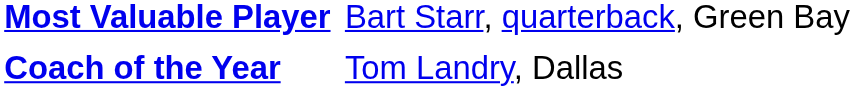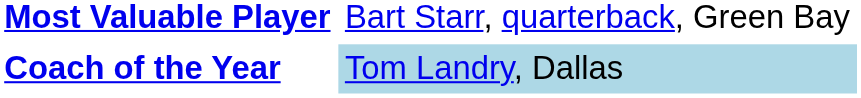 <table cellpadding="3" cellspacing="1">
 <tr>
 <td><strong><a href='#'>Most Valuable Player</a></strong></td>
 <td><a href='#'>Bart Starr</a>, <a href='#'>quarterback</a>, Green Bay</td>
 </tr>
 <tr>
 <td><strong><a href='#'>Coach of the Year</a></strong></td>
-<td><a href='#'>Tom Landry</a>, Dallas</td>
+<td style="background: lightblue;"><a href='#'>Tom Landry</a>, Dallas</td>
 </tr>
 </table>
